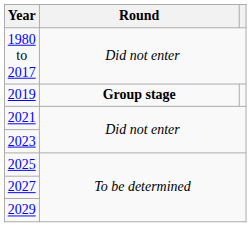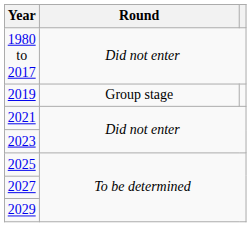 <table class="wikitable" style="text-align: center; font-size:90%">
 <tr>
 <th>Year</th>
 <th style="width:200px">Round</th>
 <th></th>
 </tr>
 <tr>
 <td><a href='#'>1980</a><br>to<br><a href='#'>2017</a></td>
 <td colspan="2"><em>Did not enter</em></td>
 </tr>
 <tr>
 <td><a href='#'>2019</a></td>
-<td><strong>Group stage</strong></td>
+<td>Group stage</td>
 <td></td>
 </tr>
 <tr>
 <td><a href='#'>2021</a></td>
 <td colspan="2" rowspan="2"><em>Did not enter</em></td>
 </tr>
 <tr>
 <td><a href='#'>2023</a></td>
 </tr>
 <tr>
 <td><a href='#'>2025</a></td>
 <td colspan="2" rowspan="3"><em>To be determined</em></td>
 </tr>
 <tr>
 <td><a href='#'>2027</a></td>
 </tr>
 <tr>
 <td><a href='#'>2029</a></td>
 </tr>
 </table>
